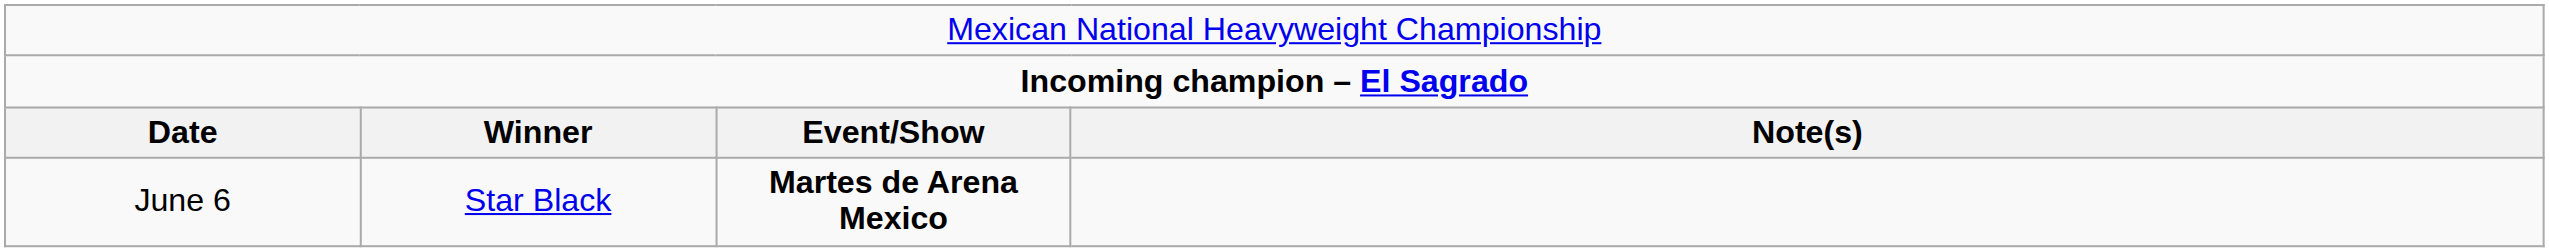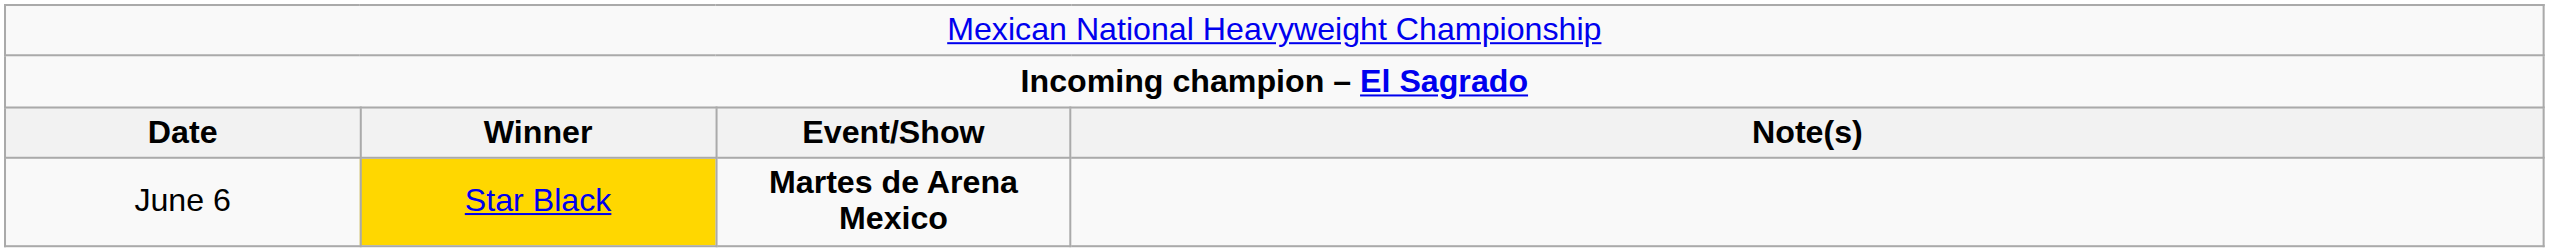 <table class="wikitable" style="text-align:center; width:100%;">
 <tr>
 <td colspan="5" style="text-align: center;"><a href='#'>Mexican National Heavyweight Championship</a></td>
 </tr>
 <tr>
 <td colspan="5" style="text-align: center;"><strong>Incoming champion – <a href='#'>El Sagrado</a></strong></td>
 </tr>
 <tr>
 <th width=14%>Date</th>
 <th width=14%>Winner</th>
 <th width=14%>Event/Show</th>
 <th width=58%>Note(s)</th>
 </tr>
 <tr>
 <td>June 6</td>
-<td><a href='#'>Star Black</a></td>
+<td style="background: gold;"><a href='#'>Star Black</a></td>
 <td><strong>Martes de Arena Mexico</strong></td>
 <td></td>
 </tr>
 </table>
